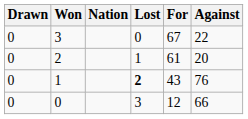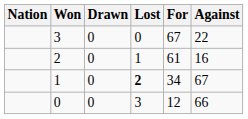 <table class="wikitable">
 <tr>
+<th>Nation</th>
+<th>Won</th>
 <th>Drawn</th>
-<th>Won</th>
-<th>Nation</th>
 <th>Lost</th>
 <th>For</th>
 <th>Against</th>
 </tr>
 <tr>
+<td></td>
+<td>3</td>
 <td>0</td>
-<td>3</td>
-<td></td>
 <td>0</td>
 <td>67</td>
 <td>22</td>
 </tr>
 <tr>
+<td></td>
+<td>2</td>
 <td>0</td>
-<td>2</td>
+<td>1</td>
+<td>61</td>
+<td>16</td>
+</tr>
+<tr>
 <td></td>
 <td>1</td>
-<td>61</td>
-<td>20</td>
+<td>0</td>
+<td><strong>2</strong></td>
+<td>34</td>
+<td>67</td>
 </tr>
 <tr>
-<td>0</td>
-<td>1</td>
 <td></td>
-<td><strong>2</strong></td>
-<td>43</td>
-<td>76</td>
-</tr>
-<tr>
 <td>0</td>
 <td>0</td>
-<td></td>
 <td>3</td>
 <td>12</td>
 <td>66</td>
 </tr>
 </table>
